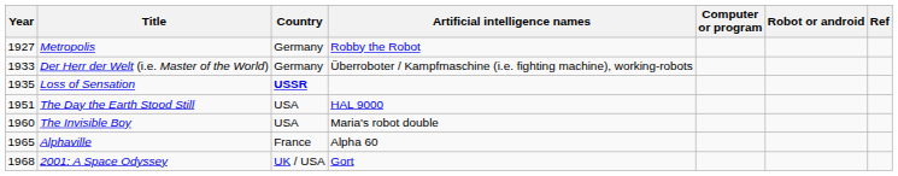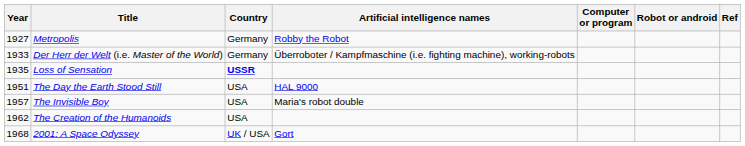 <table class="wikitable sortable mw-datatable">
 <tr>
 <th>Year</th>
 <th>Title</th>
 <th>Country</th>
 <th>Artificial intelligence names</th>
 <th>Computer<br>or program</th>
 <th>Robot or android</th>
 <th>Ref</th>
 </tr>
 <tr>
 <td>1927</td>
 <td><em><a href='#'>Metropolis</a></em></td>
 <td>Germany</td>
 <td><a href='#'>Robby the Robot</a></td>
 <td></td>
 <td></td>
 <td></td>
 </tr>
 <tr>
 <td>1933</td>
 <td><em><a href='#'>Der Herr der Welt</a></em> (i.e. <em>Master of the World</em>)</td>
 <td>Germany</td>
 <td>Überroboter / Kampfmaschine (i.e. fighting machine), working-robots</td>
 <td></td>
 <td></td>
 <td></td>
 </tr>
 <tr>
 <td>1935</td>
 <td><em><a href='#'>Loss of Sensation</a></em></td>
 <td><strong><a href='#'>USSR</a></strong></td>
 <td></td>
 <td></td>
 <td></td>
 <td></td>
 </tr>
 <tr>
 <td>1951</td>
 <td><em><a href='#'>The Day the Earth Stood Still</a></em></td>
 <td>USA</td>
 <td><a href='#'>HAL 9000</a></td>
 <td></td>
 <td><br></td>
 <td></td>
 </tr>
 <tr>
-<td>1960</td>
+<td>1957</td>
 <td><em><a href='#'>The Invisible Boy</a></em></td>
 <td>USA</td>
 <td>Maria's robot double</td>
 <td></td>
 <td></td>
 <td></td>
 </tr>
 <tr>
-<td>1965</td>
-<td><em><a href='#'>Alphaville</a></em></td>
-<td>France</td>
-<td>Alpha 60</td>
+<td>1962</td>
+<td><em><a href='#'>The Creation of the Humanoids</a></em></td>
+<td>USA</td>
+<td></td>
 <td></td>
 <td></td>
 <td></td>
 </tr>
 <tr>
 <td>1968</td>
 <td><em><a href='#'>2001: A Space Odyssey</a></em></td>
 <td><a href='#'>UK</a> / USA</td>
 <td><a href='#'>Gort</a></td>
 <td></td>
 <td></td>
 <td></td>
 </tr>
 </table>
